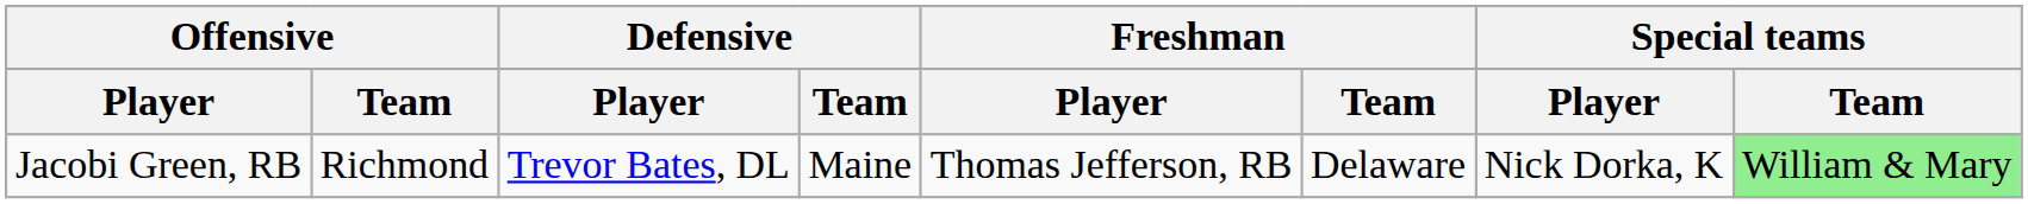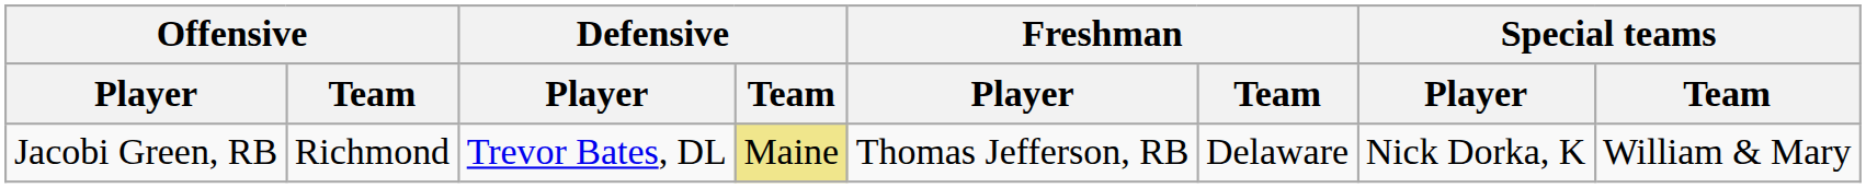 <table class="wikitable" border="1">
 <tr>
 <th colspan="2">Offensive</th>
 <th colspan="2">Defensive</th>
 <th colspan="2">Freshman</th>
 <th colspan="2">Special teams</th>
 </tr>
 <tr>
 <th>Player</th>
 <th>Team</th>
 <th>Player</th>
 <th>Team</th>
 <th>Player</th>
 <th>Team</th>
 <th>Player</th>
 <th>Team</th>
 </tr>
 <tr>
 <td>Jacobi Green, RB</td>
 <td>Richmond</td>
 <td><a href='#'>Trevor Bates</a>, DL</td>
-<td>Maine</td>
+<td style="background: khaki;">Maine</td>
 <td>Thomas Jefferson, RB</td>
 <td>Delaware</td>
 <td>Nick Dorka, K</td>
-<td style="background: lightgreen;">William & Mary</td>
+<td>William & Mary</td>
 </tr>
 </table>
